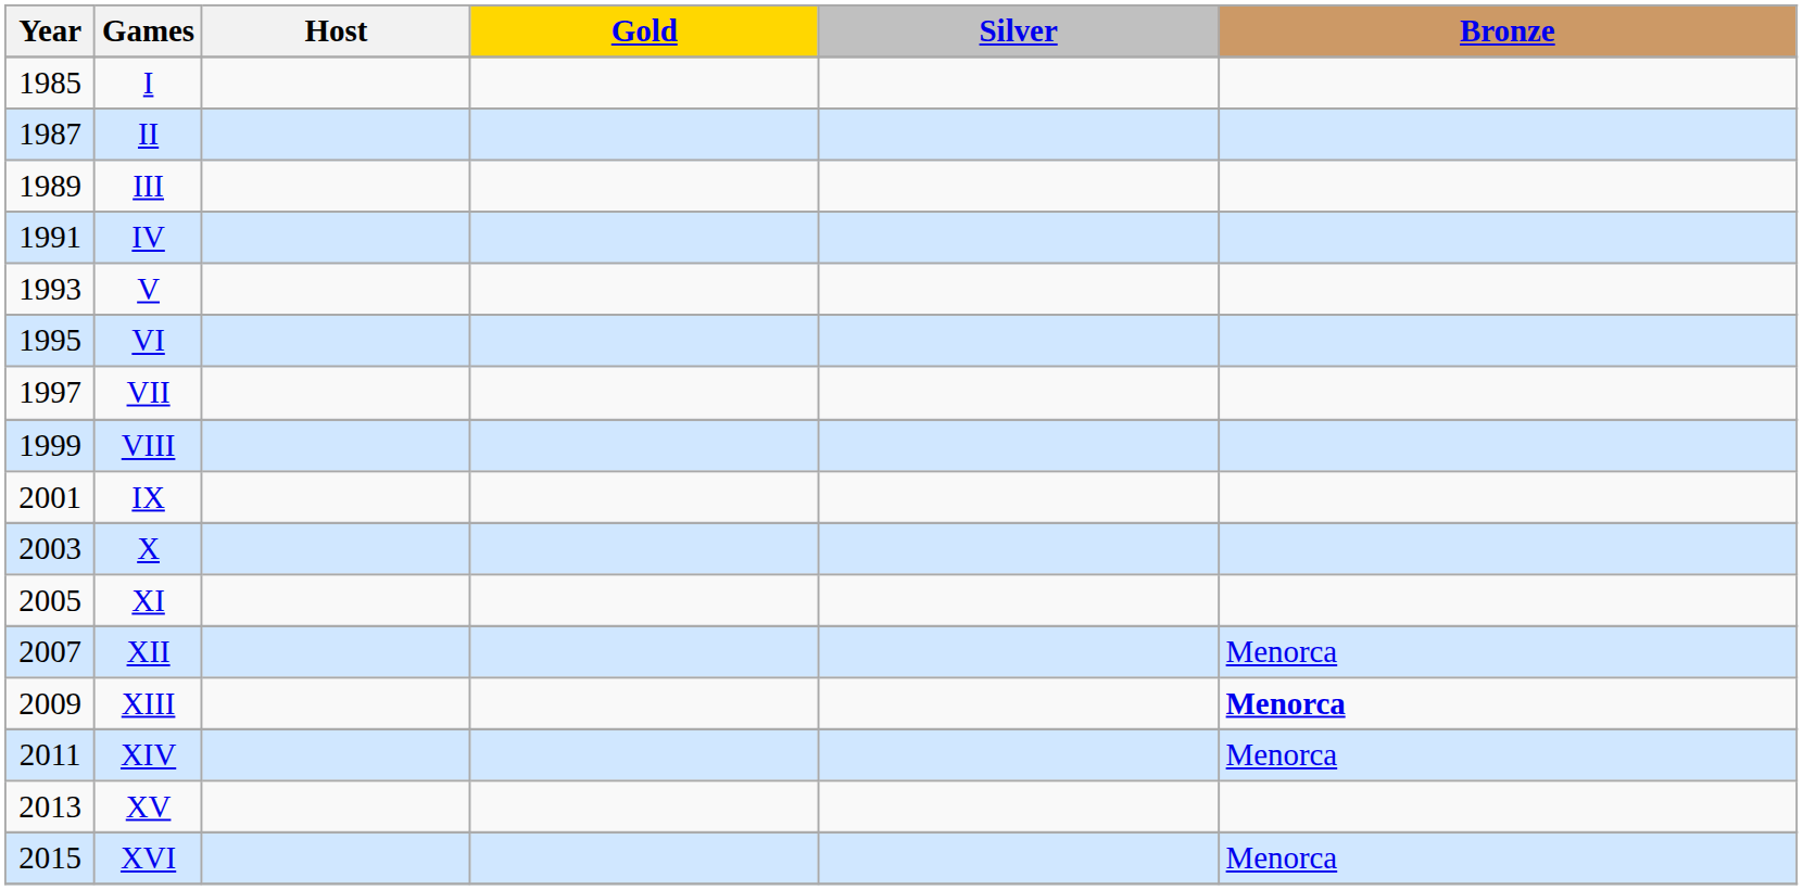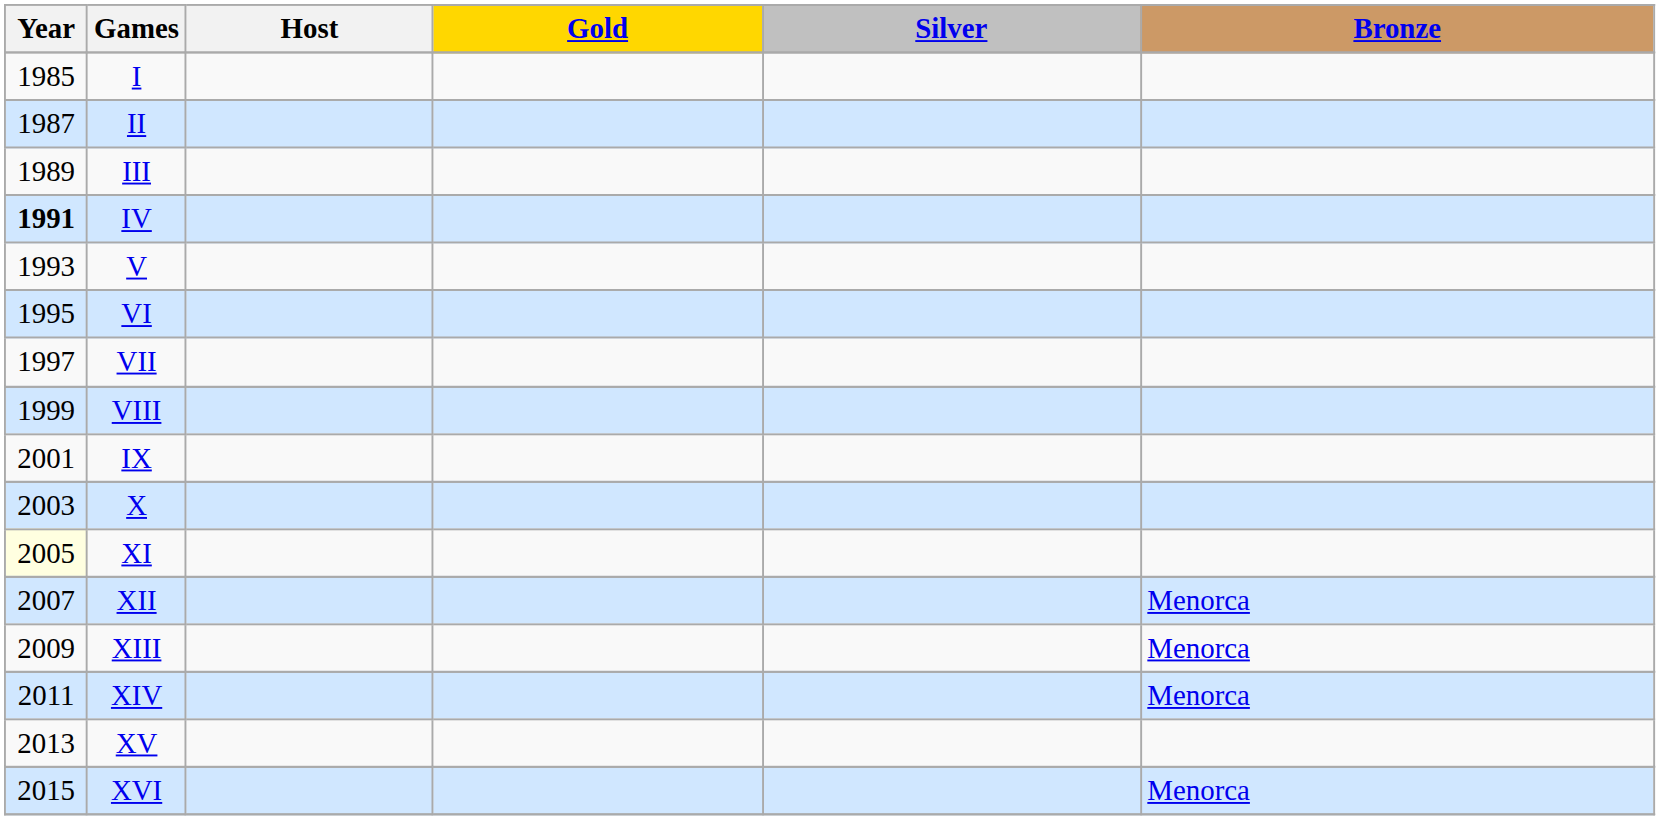 <table class="wikitable" style="text-align: center; font-size:95%;">
 <tr>
 <th rowspan="2" style="width:5%;">Year</th>
 <th rowspan="2" style="width:5%;">Games</th>
 <th rowspan="2" style="width:15%;">Host</th>
 </tr>
 <tr>
 <th style="background-color: gold"><a href='#'>Gold</a></th>
 <th style="background-color: silver"><a href='#'>Silver</a></th>
 <th style="background-color: #CC9966"><a href='#'>Bronze</a></th>
 </tr>
 <tr>
 </tr>
 <tr>
 <td>1985</td>
 <td align=center><a href='#'>I</a></td>
 <td align="left"></td>
 <td align="left"></td>
 <td align="left"></td>
 <td align="left"></td>
 </tr>
 <tr>
 </tr>
 <tr style="text-align:center; background:#d0e7ff;">
 <td>1987</td>
 <td align=center><a href='#'>II</a></td>
 <td align="left"></td>
 <td align="left"></td>
 <td align="left"></td>
 <td align="left"></td>
 </tr>
 <tr>
 <td>1989</td>
 <td align=center><a href='#'>III</a></td>
 <td align="left"></td>
 <td align="left"></td>
 <td align="left"></td>
 <td align="left"></td>
 </tr>
 <tr>
 </tr>
 <tr style="text-align:center; background:#d0e7ff;">
-<td>1991</td>
+<td><strong>1991</strong></td>
 <td align=center><a href='#'>IV</a></td>
 <td align="left"></td>
 <td align="left"></td>
 <td align="left"></td>
 <td align="left"></td>
 </tr>
 <tr>
 <td>1993</td>
 <td align=center><a href='#'>V</a></td>
 <td align="left"></td>
 <td align="left"></td>
 <td align="left"></td>
 <td align="left"></td>
 </tr>
 <tr>
 </tr>
 <tr style="text-align:center; background:#d0e7ff;">
 <td>1995</td>
 <td align=center><a href='#'>VI</a></td>
 <td align="left"></td>
 <td align="left"></td>
 <td align="left"></td>
 <td align="left"></td>
 </tr>
 <tr>
 <td>1997</td>
 <td align=center><a href='#'>VII</a></td>
 <td align="left"></td>
 <td align="left"></td>
 <td align="left"></td>
 <td align="left"></td>
 </tr>
 <tr>
 </tr>
 <tr style="text-align:center; background:#d0e7ff;">
 <td>1999</td>
 <td align=center><a href='#'>VIII</a></td>
 <td align="left"></td>
 <td align="left"></td>
 <td align="left"></td>
 <td align="left"></td>
 </tr>
 <tr>
 <td>2001</td>
 <td align=center><a href='#'>IX</a></td>
 <td align="left"></td>
 <td align="left"></td>
 <td align="left"></td>
 <td align="left"></td>
 </tr>
 <tr>
 </tr>
 <tr style="text-align:center; background:#d0e7ff;">
 <td>2003</td>
 <td align=center><a href='#'>X</a></td>
 <td align="left"></td>
 <td align="left"></td>
 <td align="left"></td>
 <td align="left"></td>
 </tr>
 <tr>
-<td>2005</td>
+<td style="background: lightyellow;">2005</td>
 <td align=center><a href='#'>XI</a></td>
 <td align="left"></td>
 <td align="left"></td>
 <td align="left"></td>
 <td align="left"></td>
 </tr>
 <tr>
 </tr>
 <tr style="text-align:center; background:#d0e7ff;">
 <td>2007</td>
 <td align=center><a href='#'>XII</a></td>
 <td align="left"></td>
 <td align="left"></td>
 <td align="left"></td>
 <td align=left> <a href='#'>Menorca</a></td>
 </tr>
 <tr>
 <td>2009</td>
 <td align=center><a href='#'>XIII</a></td>
 <td align="left"></td>
 <td align="left"></td>
 <td align="left"></td>
-<td align=left><strong> <a href='#'>Menorca</a></strong></td>
+<td align=left> <a href='#'>Menorca</a></td>
 </tr>
 <tr>
 </tr>
 <tr style="text-align:center; background:#d0e7ff;">
 <td>2011</td>
 <td align=center><a href='#'>XIV</a></td>
 <td align="left"></td>
 <td align="left"></td>
 <td align="left"></td>
 <td align=left> <a href='#'>Menorca</a></td>
 </tr>
 <tr>
 <td>2013</td>
 <td align=center><a href='#'>XV</a></td>
 <td align="left"></td>
 <td align="left"></td>
 <td align="left"></td>
 <td align="left"></td>
 </tr>
 <tr>
 </tr>
 <tr style="text-align:center; background:#d0e7ff;">
 <td>2015</td>
 <td align=center><a href='#'>XVI</a></td>
 <td align="left"></td>
 <td align="left"></td>
 <td align="left"></td>
 <td align=left> <a href='#'>Menorca</a></td>
 </tr>
 <tr>
 </tr>
 </table>
